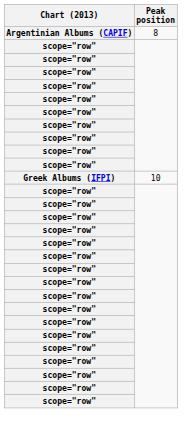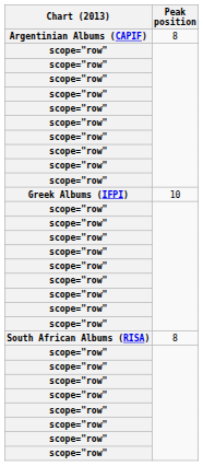 <table class="wikitable sortable plainrowheaders" style="text-align:center;">
 <tr>
 <th>Chart (2013)</th>
 <th>Peak<br>position</th>
 </tr>
 <tr>
 <th scope="row">Argentinian Albums (<a href='#'>CAPIF</a>)</th>
 <td>8</td>
 </tr>
 <tr>
 <th>scope="row"</th>
 </tr>
 <tr>
 <th>scope="row"</th>
 </tr>
 <tr>
 <th>scope="row"</th>
 </tr>
 <tr>
 <th>scope="row"</th>
 </tr>
 <tr>
 <th>scope="row"</th>
 </tr>
 <tr>
 <th>scope="row"</th>
 </tr>
 <tr>
 <th>scope="row"</th>
 </tr>
 <tr>
 <th>scope="row"</th>
 </tr>
 <tr>
 <th>scope="row"</th>
 </tr>
 <tr>
 <th>scope="row"</th>
 </tr>
 <tr>
 <th scope="row">Greek Albums (<a href='#'>IFPI</a>)</th>
 <td>10</td>
 </tr>
 <tr>
 <th>scope="row"</th>
 </tr>
 <tr>
 <th>scope="row"</th>
 </tr>
 <tr>
 <th>scope="row"</th>
 </tr>
 <tr>
 <th>scope="row"</th>
 </tr>
 <tr>
 <th>scope="row"</th>
 </tr>
 <tr>
 <th>scope="row"</th>
 </tr>
 <tr>
 <th>scope="row"</th>
 </tr>
 <tr>
 <th>scope="row"</th>
 </tr>
 <tr>
 <th>scope="row"</th>
 </tr>
 <tr>
+<th scope="row">South African Albums (<a href='#'>RISA</a>)</th>
+<td>8</td>
+</tr>
+<tr>
 <th>scope="row"</th>
 </tr>
 <tr>
 <th>scope="row"</th>
 </tr>
 <tr>
 <th>scope="row"</th>
 </tr>
 <tr>
 <th>scope="row"</th>
 </tr>
 <tr>
 <th>scope="row"</th>
 </tr>
 <tr>
 <th>scope="row"</th>
 </tr>
 <tr>
 <th>scope="row"</th>
 </tr>
 <tr>
 <th>scope="row"</th>
 </tr>
 </table>
